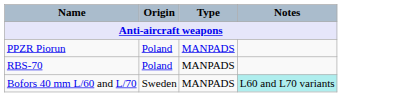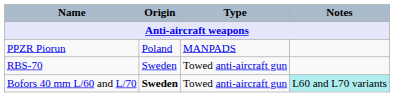 <table class="wikitable">
 <tr>
 <th style="text-align:center; background:#aabccc;">Name</th>
 <th style="text-align: center; background:#aabccc;">Origin</th>
 <th style="text-align:l center; background:#aabccc;">Type</th>
 <th style="text-align: center; background:#aabccc;">Notes</th>
 </tr>
 <tr>
 <th colspan="6" style="align: center; background: lavender;"><a href='#'>Anti-aircraft weapons</a></th>
 </tr>
 <tr>
 <td><a href='#'>PPZR Piorun</a></td>
 <td><a href='#'>Poland</a></td>
 <td><a href='#'>MANPADS</a></td>
 <td></td>
 </tr>
 <tr>
 <td><a href='#'>RBS-70</a></td>
-<td><a href='#'>Poland</a></td>
-<td>MANPADS</td>
+<td><a href='#'>Sweden</a></td>
+<td>Towed <a href='#'>anti-aircraft gun</a></td>
 <td></td>
 </tr>
 <tr>
 <td><a href='#'>Bofors 40 mm L/60</a> and <a href='#'>L/70</a></td>
-<td>Sweden</td>
-<td>MANPADS</td>
+<td><strong>Sweden</strong></td>
+<td>Towed <a href='#'>anti-aircraft gun</a></td>
 <td style="background: paleturquoise;">L60 and L70 variants</td>
 </tr>
 </table>
